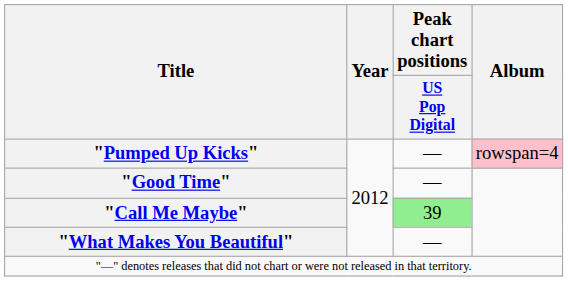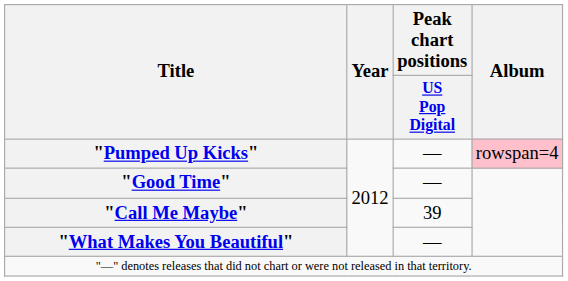 <table class="wikitable plainrowheaders" style="text-align:center;" border="1">
 <tr>
 <th scope="col"  rowspan="2" style="width:18em;">Title</th>
 <th scope="col"  rowspan="2">Year</th>
 <th scope="col">Peak chart positions</th>
 <th scope="col" rowspan="2">Album</th>
 </tr>
 <tr>
 <th scope="col" style="width:3em; font-size:85%;"><a href='#'>US <br>Pop Digital</a></th>
 </tr>
 <tr>
 <th scope="row">"<a href='#'>Pumped Up Kicks</a>"</th>
 <td rowspan=4>2012</td>
 <td>—</td>
 <td style="background: pink;">rowspan=4 </td>
 </tr>
 <tr>
 <th scope="row">"<a href='#'>Good Time</a>"</th>
 <td>—</td>
 </tr>
 <tr>
 <th scope="row">"<a href='#'>Call Me Maybe</a>"</th>
-<td style="background: lightgreen;">39</td>
+<td>39</td>
 </tr>
 <tr>
 <th scope="row">"<a href='#'>What Makes You Beautiful</a>"</th>
 <td>—</td>
 </tr>
 <tr>
 <td align="center" colspan="4" style="font-size:8pt">"—" denotes releases that did not chart or were not released in that territory.</td>
 </tr>
 </table>
